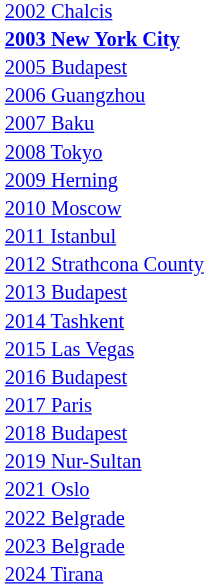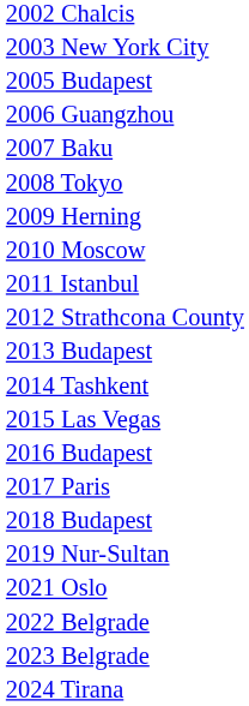 <table>
 <tr>
 <td><a href='#'>2002 Chalcis</a></td>
 <td></td>
 <td></td>
 <td></td>
 </tr>
 <tr>
-<td><strong><a href='#'>2003 New York City</a></strong></td>
+<td><a href='#'>2003 New York City</a></td>
 <td></td>
 <td></td>
 <td></td>
 </tr>
 <tr>
 <td rowspan=2><a href='#'>2005 Budapest</a></td>
 <td rowspan=2></td>
 <td rowspan=2></td>
 <td></td>
 </tr>
 <tr>
 <td></td>
 </tr>
 <tr>
 <td rowspan=2><a href='#'>2006 Guangzhou</a></td>
 <td rowspan=2></td>
 <td rowspan=2></td>
 <td></td>
 </tr>
 <tr>
 <td></td>
 </tr>
 <tr>
 <td rowspan=2><a href='#'>2007 Baku</a></td>
 <td rowspan=2></td>
 <td rowspan=2></td>
 <td></td>
 </tr>
 <tr>
 <td></td>
 </tr>
 <tr>
 <td rowspan=2><a href='#'>2008 Tokyo</a></td>
 <td rowspan=2></td>
 <td rowspan=2></td>
 <td></td>
 </tr>
 <tr>
 <td></td>
 </tr>
 <tr>
 <td rowspan=2><a href='#'>2009 Herning</a></td>
 <td rowspan=2></td>
 <td rowspan=2></td>
 <td></td>
 </tr>
 <tr>
 <td></td>
 </tr>
 <tr>
 <td rowspan=2><a href='#'>2010 Moscow</a></td>
 <td rowspan=2></td>
 <td rowspan=2></td>
 <td></td>
 </tr>
 <tr>
 <td></td>
 </tr>
 <tr>
 <td rowspan=2><a href='#'>2011 Istanbul</a></td>
 <td rowspan=2></td>
 <td rowspan=2></td>
 <td></td>
 </tr>
 <tr>
 <td></td>
 </tr>
 <tr>
 <td rowspan=2><a href='#'>2012 Strathcona County</a></td>
 <td rowspan=2></td>
 <td rowspan=2></td>
 <td></td>
 </tr>
 <tr>
 <td></td>
 </tr>
 <tr>
 <td rowspan=2><a href='#'>2013 Budapest</a></td>
 <td rowspan=2></td>
 <td rowspan=2></td>
 <td></td>
 </tr>
 <tr>
 <td></td>
 </tr>
 <tr>
 <td rowspan=2><a href='#'>2014 Tashkent</a></td>
 <td rowspan=2></td>
 <td rowspan=2></td>
 <td></td>
 </tr>
 <tr>
 <td></td>
 </tr>
 <tr>
 <td rowspan=2><a href='#'>2015 Las Vegas</a></td>
 <td rowspan=2></td>
 <td rowspan=2></td>
 <td></td>
 </tr>
 <tr>
 <td></td>
 </tr>
 <tr>
 <td rowspan=2><a href='#'>2016 Budapest</a></td>
 <td rowspan=2></td>
 <td rowspan=2></td>
 <td></td>
 </tr>
 <tr>
 <td></td>
 </tr>
 <tr>
 <td rowspan=2><a href='#'>2017 Paris</a></td>
 <td rowspan=2></td>
 <td rowspan=2></td>
 <td></td>
 </tr>
 <tr>
 <td></td>
 </tr>
 <tr>
 <td rowspan=2><a href='#'>2018 Budapest</a></td>
 <td rowspan=2></td>
 <td rowspan=2></td>
 <td></td>
 </tr>
 <tr>
 <td></td>
 </tr>
 <tr>
 <td rowspan=2><a href='#'>2019 Nur-Sultan</a></td>
 <td rowspan=2></td>
 <td rowspan=2></td>
 <td></td>
 </tr>
 <tr>
 <td></td>
 </tr>
 <tr>
 <td rowspan=2><a href='#'>2021 Oslo</a></td>
 <td rowspan=2></td>
 <td rowspan=2></td>
 <td></td>
 </tr>
 <tr>
 <td></td>
 </tr>
 <tr>
 <td rowspan=2><a href='#'>2022 Belgrade</a></td>
 <td rowspan=2></td>
 <td rowspan=2></td>
 <td></td>
 </tr>
 <tr>
 <td></td>
 </tr>
 <tr>
 <td rowspan=2><a href='#'>2023 Belgrade</a></td>
 <td rowspan=2></td>
 <td rowspan=2></td>
 <td></td>
 </tr>
 <tr>
 <td></td>
 </tr>
 <tr>
 <td rowspan=2><a href='#'>2024 Tirana</a></td>
 <td rowspan=2></td>
 <td rowspan=2></td>
 <td></td>
 </tr>
 <tr>
 <td></td>
 </tr>
 </table>
